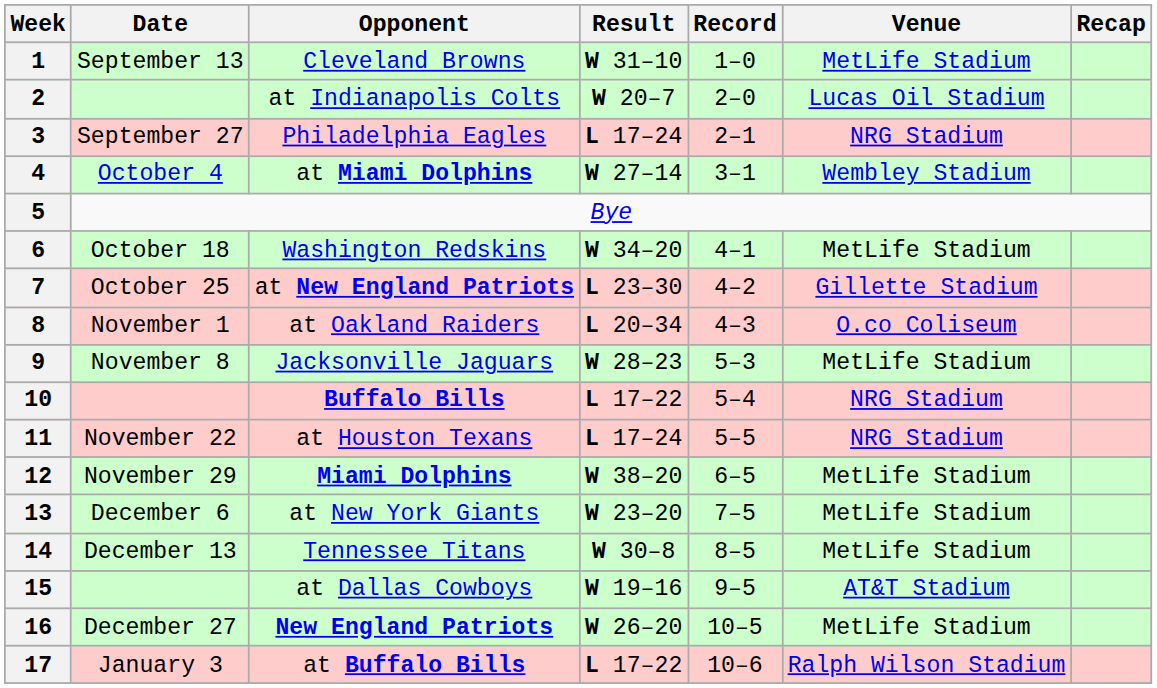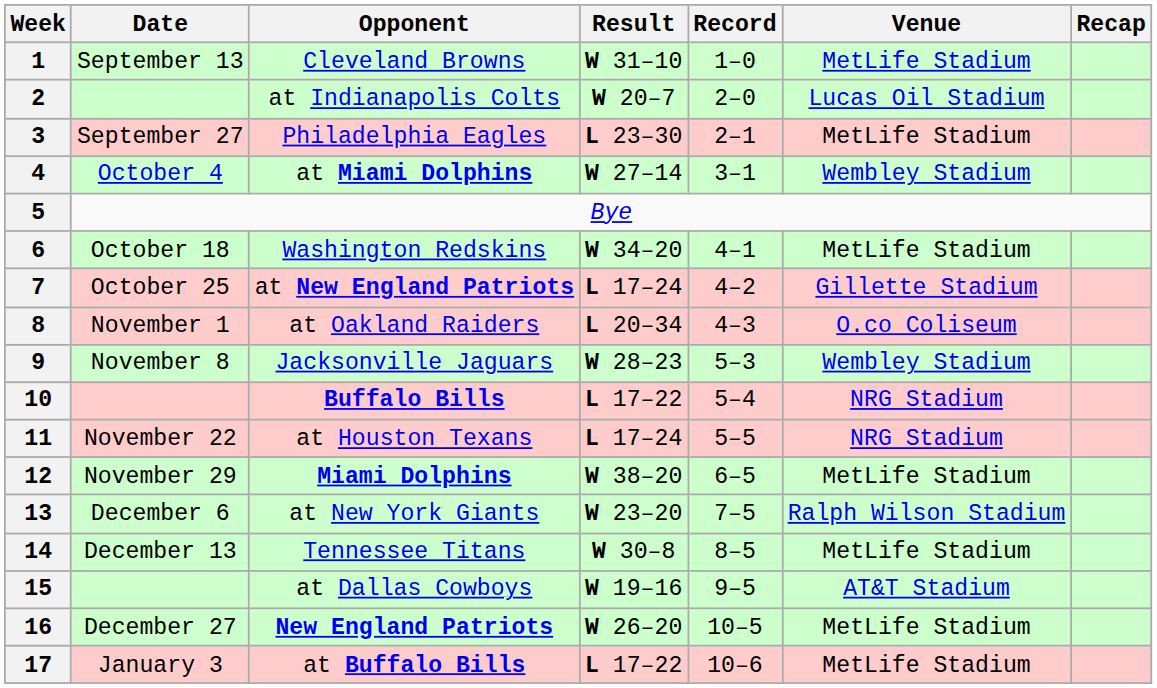 <table class="wikitable" style="text-align:center">
 <tr>
 <th>Week</th>
 <th>Date</th>
 <th>Opponent</th>
 <th>Result</th>
 <th>Record</th>
 <th>Venue</th>
 <th>Recap</th>
 </tr>
 <tr style="background:#cfc">
 <th>1</th>
 <td>September 13</td>
 <td><a href='#'>Cleveland Browns</a></td>
 <td><strong>W</strong> 31–10</td>
 <td>1–0</td>
 <td><a href='#'>MetLife Stadium</a></td>
 <td></td>
 </tr>
 <tr style="background:#cfc">
 <th>2</th>
 <td></td>
 <td>at <a href='#'>Indianapolis Colts</a></td>
 <td><strong>W</strong> 20–7</td>
 <td>2–0</td>
 <td><a href='#'>Lucas Oil Stadium</a></td>
 <td></td>
 </tr>
 <tr style="background:#fcc">
 <th>3</th>
 <td>September 27</td>
 <td><a href='#'>Philadelphia Eagles</a></td>
-<td><strong>L</strong> 17–24</td>
+<td><strong>L</strong> 23–30</td>
 <td>2–1</td>
-<td><a href='#'>NRG Stadium</a></td>
+<td>MetLife Stadium</td>
 <td></td>
 </tr>
 <tr style="background:#cfc">
 <th>4</th>
 <td><a href='#'>October 4</a></td>
 <td>at <strong><a href='#'>Miami Dolphins</a></strong></td>
 <td><strong>W</strong> 27–14</td>
 <td>3–1</td>
 <td> <a href='#'>Wembley Stadium</a> </td>
 <td></td>
 </tr>
 <tr>
 <th>5</th>
 <td colspan="6"><em><a href='#'>Bye</a></em></td>
 </tr>
 <tr style="background:#cfc">
 <th>6</th>
 <td>October 18</td>
 <td><a href='#'>Washington Redskins</a></td>
 <td><strong>W</strong> 34–20</td>
 <td>4–1</td>
 <td>MetLife Stadium</td>
 <td></td>
 </tr>
 <tr style="background:#fcc">
 <th>7</th>
 <td>October 25</td>
 <td>at <strong><a href='#'>New England Patriots</a></strong></td>
-<td><strong>L</strong> 23–30</td>
+<td><strong>L</strong> 17–24</td>
 <td>4–2</td>
 <td><a href='#'>Gillette Stadium</a></td>
 <td></td>
 </tr>
 <tr style="background:#fcc">
 <th>8</th>
 <td>November 1</td>
 <td>at <a href='#'>Oakland Raiders</a></td>
 <td><strong>L</strong> 20–34</td>
 <td>4–3</td>
 <td><a href='#'>O.co Coliseum</a></td>
 <td></td>
 </tr>
 <tr style="background:#cfc">
 <th>9</th>
 <td>November 8</td>
 <td><a href='#'>Jacksonville Jaguars</a></td>
 <td><strong>W</strong> 28–23</td>
 <td>5–3</td>
-<td>MetLife Stadium</td>
+<td> <a href='#'>Wembley Stadium</a> </td>
 <td></td>
 </tr>
 <tr style="background:#fcc">
 <th>10</th>
 <td></td>
 <td><strong><a href='#'>Buffalo Bills</a></strong></td>
 <td><strong>L</strong> 17–22</td>
 <td>5–4</td>
 <td><a href='#'>NRG Stadium</a></td>
 <td></td>
 </tr>
 <tr style="background:#fcc">
 <th>11</th>
 <td>November 22</td>
 <td>at <a href='#'>Houston Texans</a></td>
 <td><strong>L</strong> 17–24</td>
 <td>5–5</td>
 <td><a href='#'>NRG Stadium</a></td>
 <td></td>
 </tr>
 <tr style="background:#cfc">
 <th>12</th>
 <td>November 29</td>
 <td><strong><a href='#'>Miami Dolphins</a></strong></td>
 <td><strong>W</strong> 38–20</td>
 <td>6–5</td>
 <td>MetLife Stadium</td>
 <td></td>
 </tr>
 <tr style="background:#cfc">
 <th>13</th>
 <td>December 6</td>
 <td>at <a href='#'>New York Giants</a></td>
 <td><strong>W</strong> 23–20 </td>
 <td>7–5</td>
-<td>MetLife Stadium</td>
+<td><a href='#'>Ralph Wilson Stadium</a></td>
 <td></td>
 </tr>
 <tr style="background:#cfc">
 <th>14</th>
 <td>December 13</td>
 <td><a href='#'>Tennessee Titans</a></td>
 <td><strong>W</strong> 30–8</td>
 <td>8–5</td>
 <td>MetLife Stadium</td>
 <td></td>
 </tr>
 <tr style="background:#cfc">
 <th>15</th>
 <td></td>
 <td>at <a href='#'>Dallas Cowboys</a></td>
 <td><strong>W</strong> 19–16</td>
 <td>9–5</td>
 <td><a href='#'>AT&T Stadium</a></td>
 <td></td>
 </tr>
 <tr style="background:#cfc">
 <th>16</th>
 <td>December 27</td>
 <td><strong><a href='#'>New England Patriots</a></strong></td>
 <td><strong>W</strong> 26–20 </td>
 <td>10–5</td>
 <td>MetLife Stadium</td>
 <td></td>
 </tr>
 <tr style="background:#fcc">
 <th>17</th>
 <td>January 3</td>
 <td>at <strong><a href='#'>Buffalo Bills</a></strong></td>
 <td><strong>L</strong> 17–22</td>
 <td>10–6</td>
-<td><a href='#'>Ralph Wilson Stadium</a></td>
+<td>MetLife Stadium</td>
 <td></td>
 </tr>
 </table>
